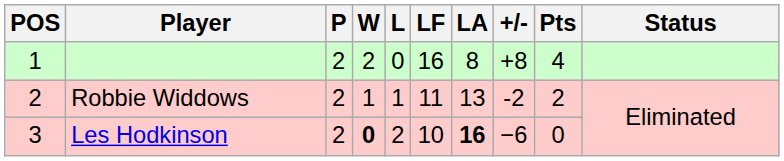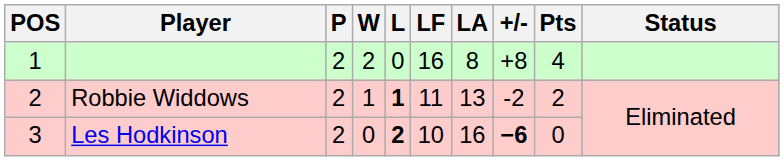 <table class="wikitable" style="text-align:center; margin: 1em auto 1em auto, align:left">
 <tr>
 <th width=20>POS</th>
 <th width=168>Player</th>
 <th width=3>P</th>
 <th width=3>W</th>
 <th width=3>L</th>
 <th width=20>LF</th>
 <th width=20>LA</th>
 <th width=20>+/-</th>
 <th width=20>Pts</th>
 <th width=126>Status</th>
 </tr>
 <tr style="background:#CCFFCC;">
 <td>1</td>
 <td style="text-align:left;"></td>
 <td>2</td>
 <td>2</td>
 <td>0</td>
 <td>16</td>
 <td>8</td>
 <td>+8</td>
 <td>4</td>
 <td rowspan=1></td>
 </tr>
 <tr style="background:#FFCCCC;">
 <td>2</td>
 <td style="text-align:left;"> Robbie Widdows</td>
 <td>2</td>
 <td>1</td>
-<td>1</td>
+<td><strong>1</strong></td>
 <td>11</td>
 <td>13</td>
 <td>-2</td>
 <td>2</td>
 <td rowspan=2>Eliminated</td>
 </tr>
 <tr style="background:#FFCCCC;">
 <td>3</td>
 <td style="text-align:left;"> <a href='#'>Les Hodkinson</a></td>
 <td>2</td>
-<td><strong>0</strong></td>
-<td>2</td>
+<td>0</td>
+<td><strong>2</strong></td>
 <td>10</td>
-<td><strong>16</strong></td>
-<td>−6</td>
+<td>16</td>
+<td><strong>−6</strong></td>
 <td>0</td>
 </tr>
 </table>
